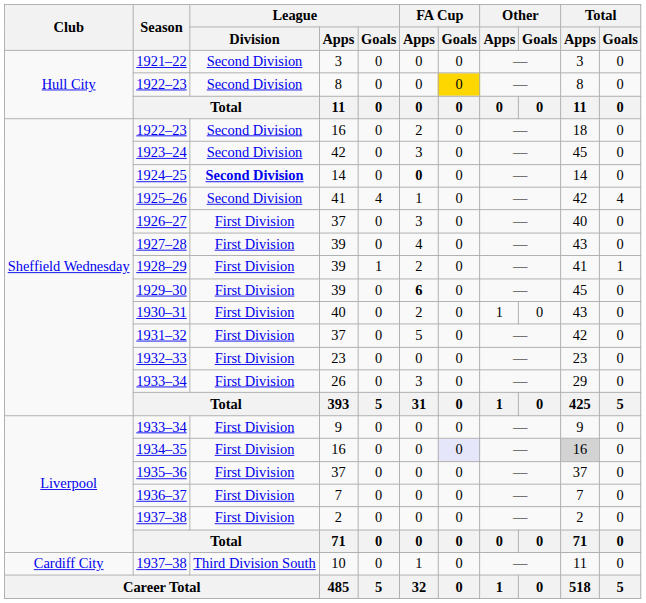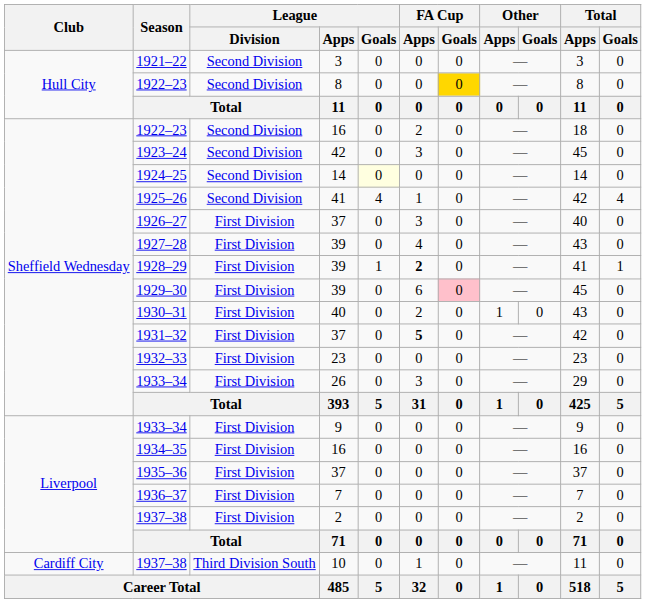 <table class="wikitable" style="text-align: center;">
 <tr>
 <th rowspan="2">Club</th>
 <th rowspan="2">Season</th>
 <th colspan="3">League</th>
 <th colspan="2">FA Cup</th>
 <th colspan="2">Other</th>
 <th colspan="2">Total</th>
 </tr>
 <tr>
 <th>Division</th>
 <th>Apps</th>
 <th>Goals</th>
 <th>Apps</th>
 <th>Goals</th>
 <th>Apps</th>
 <th>Goals</th>
 <th>Apps</th>
 <th>Goals</th>
 </tr>
 <tr>
 <td rowspan=3><a href='#'>Hull City</a></td>
 <td><a href='#'>1921–22</a></td>
 <td><a href='#'>Second Division</a></td>
 <td>3</td>
 <td>0</td>
 <td>0</td>
 <td>0</td>
 <td colspan=2>—</td>
 <td>3</td>
 <td>0</td>
 </tr>
 <tr>
 <td><a href='#'>1922–23</a></td>
 <td><a href='#'>Second Division</a></td>
 <td>8</td>
 <td>0</td>
 <td>0</td>
 <td style="background: gold;">0</td>
 <td colspan=2>—</td>
 <td>8</td>
 <td>0</td>
 </tr>
 <tr>
 <th colspan=2>Total</th>
 <th>11</th>
 <th>0</th>
 <th>0</th>
 <th>0</th>
 <th>0</th>
 <th>0</th>
 <th>11</th>
 <th>0</th>
 </tr>
 <tr>
 <td rowspan=13><a href='#'>Sheffield Wednesday</a></td>
 <td><a href='#'>1922–23</a></td>
 <td><a href='#'>Second Division</a></td>
 <td>16</td>
 <td>0</td>
 <td>2</td>
 <td>0</td>
 <td colspan=2>—</td>
 <td>18</td>
 <td>0</td>
 </tr>
 <tr>
 <td><a href='#'>1923–24</a></td>
 <td><a href='#'>Second Division</a></td>
 <td>42</td>
 <td>0</td>
 <td>3</td>
 <td>0</td>
 <td colspan=2>—</td>
 <td>45</td>
 <td>0</td>
 </tr>
 <tr>
 <td><a href='#'>1924–25</a></td>
-<td><strong><a href='#'>Second Division</a></strong></td>
+<td><a href='#'>Second Division</a></td>
 <td>14</td>
+<td style="background: lightyellow;">0</td>
 <td>0</td>
-<td><strong>0</strong></td>
 <td>0</td>
 <td colspan=2>—</td>
 <td>14</td>
 <td>0</td>
 </tr>
 <tr>
 <td><a href='#'>1925–26</a></td>
 <td><a href='#'>Second Division</a></td>
 <td>41</td>
 <td>4</td>
 <td>1</td>
 <td>0</td>
 <td colspan=2>—</td>
 <td>42</td>
 <td>4</td>
 </tr>
 <tr>
 <td><a href='#'>1926–27</a></td>
 <td><a href='#'>First Division</a></td>
 <td>37</td>
 <td>0</td>
 <td>3</td>
 <td>0</td>
 <td colspan=2>—</td>
 <td>40</td>
 <td>0</td>
 </tr>
 <tr>
 <td><a href='#'>1927–28</a></td>
 <td><a href='#'>First Division</a></td>
 <td>39</td>
 <td>0</td>
 <td>4</td>
 <td>0</td>
 <td colspan=2>—</td>
 <td>43</td>
 <td>0</td>
 </tr>
 <tr>
 <td><a href='#'>1928–29</a></td>
 <td><a href='#'>First Division</a></td>
 <td>39</td>
 <td>1</td>
-<td>2</td>
+<td><strong>2</strong></td>
 <td>0</td>
 <td colspan=2>—</td>
 <td>41</td>
 <td>1</td>
 </tr>
 <tr>
 <td><a href='#'>1929–30</a></td>
 <td><a href='#'>First Division</a></td>
 <td>39</td>
 <td>0</td>
-<td><strong>6</strong></td>
-<td>0</td>
+<td>6</td>
+<td style="background: pink;">0</td>
 <td colspan=2>—</td>
 <td>45</td>
 <td>0</td>
 </tr>
 <tr>
 <td><a href='#'>1930–31</a></td>
 <td><a href='#'>First Division</a></td>
 <td>40</td>
 <td>0</td>
 <td>2</td>
 <td>0</td>
 <td>1</td>
 <td>0</td>
 <td>43</td>
 <td>0</td>
 </tr>
 <tr>
 <td><a href='#'>1931–32</a></td>
 <td><a href='#'>First Division</a></td>
 <td>37</td>
 <td>0</td>
-<td>5</td>
+<td><strong>5</strong></td>
 <td>0</td>
 <td colspan=2>—</td>
 <td>42</td>
 <td>0</td>
 </tr>
 <tr>
 <td><a href='#'>1932–33</a></td>
 <td><a href='#'>First Division</a></td>
 <td>23</td>
 <td>0</td>
 <td>0</td>
 <td>0</td>
 <td colspan=2>—</td>
 <td>23</td>
 <td>0</td>
 </tr>
 <tr>
 <td><a href='#'>1933–34</a></td>
 <td><a href='#'>First Division</a></td>
 <td>26</td>
 <td>0</td>
 <td>3</td>
 <td>0</td>
 <td colspan=2>—</td>
 <td>29</td>
 <td>0</td>
 </tr>
 <tr>
 <th colspan=2>Total</th>
 <th>393</th>
 <th>5</th>
 <th>31</th>
 <th>0</th>
 <th>1</th>
 <th>0</th>
 <th>425</th>
 <th>5</th>
 </tr>
 <tr>
 <td rowspan=6><a href='#'>Liverpool</a></td>
 <td><a href='#'>1933–34</a></td>
 <td><a href='#'>First Division</a></td>
 <td>9</td>
 <td>0</td>
 <td>0</td>
 <td>0</td>
 <td colspan=2>—</td>
 <td>9</td>
 <td>0</td>
 </tr>
 <tr>
 <td><a href='#'>1934–35</a></td>
 <td><a href='#'>First Division</a></td>
 <td>16</td>
 <td>0</td>
 <td>0</td>
-<td style="background: lavender;">0</td>
+<td>0</td>
 <td colspan=2>—</td>
-<td style="background: lightgrey;">16</td>
+<td>16</td>
 <td>0</td>
 </tr>
 <tr>
 <td><a href='#'>1935–36</a></td>
 <td><a href='#'>First Division</a></td>
 <td>37</td>
 <td>0</td>
 <td>0</td>
 <td>0</td>
 <td colspan=2>—</td>
 <td>37</td>
 <td>0</td>
 </tr>
 <tr>
 <td><a href='#'>1936–37</a></td>
 <td><a href='#'>First Division</a></td>
 <td>7</td>
 <td>0</td>
 <td>0</td>
 <td>0</td>
 <td colspan=2>—</td>
 <td>7</td>
 <td>0</td>
 </tr>
 <tr>
 <td><a href='#'>1937–38</a></td>
 <td><a href='#'>First Division</a></td>
 <td>2</td>
 <td>0</td>
 <td>0</td>
 <td>0</td>
 <td colspan=2>—</td>
 <td>2</td>
 <td>0</td>
 </tr>
 <tr>
 <th colspan=2>Total</th>
 <th>71</th>
 <th>0</th>
 <th>0</th>
 <th>0</th>
 <th>0</th>
 <th>0</th>
 <th>71</th>
 <th>0</th>
 </tr>
 <tr>
 <td><a href='#'>Cardiff City</a></td>
 <td><a href='#'>1937–38</a></td>
 <td><a href='#'>Third Division South</a></td>
 <td>10</td>
 <td>0</td>
 <td>1</td>
 <td>0</td>
 <td colspan=2>—</td>
 <td>11</td>
 <td>0</td>
 </tr>
 <tr>
 <th colspan="3">Career Total</th>
 <th>485</th>
 <th>5</th>
 <th>32</th>
 <th>0</th>
 <th>1</th>
 <th>0</th>
 <th>518</th>
 <th>5</th>
 </tr>
 </table>
